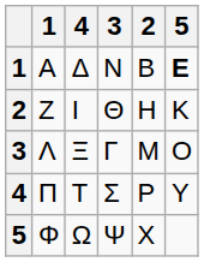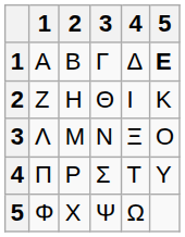 <table class="wikitable">
 <tr>
 <th></th>
 <th>1</th>
+<th>2</th>
+<th>3</th>
 <th>4</th>
-<th>3</th>
-<th>2</th>
 <th>5</th>
 </tr>
 <tr>
 <th>1</th>
 <td>A</td>
+<td>B</td>
+<td>Γ</td>
 <td>Δ</td>
-<td>N</td>
-<td>B</td>
 <td><strong>E</strong></td>
 </tr>
 <tr>
 <th>2</th>
 <td>Z</td>
+<td>H</td>
+<td>Θ</td>
 <td>I</td>
-<td>Θ</td>
-<td>H</td>
 <td>K</td>
 </tr>
 <tr>
 <th>3</th>
 <td>Λ</td>
+<td>M</td>
+<td>N</td>
 <td>Ξ</td>
-<td>Γ</td>
-<td>M</td>
 <td>O</td>
 </tr>
 <tr>
 <th>4</th>
 <td>Π</td>
+<td>P</td>
+<td>Σ</td>
 <td>T</td>
-<td>Σ</td>
-<td>P</td>
 <td>Y</td>
 </tr>
 <tr>
 <th>5</th>
 <td>Φ</td>
+<td>X</td>
+<td>Ψ</td>
 <td>Ω</td>
-<td>Ψ</td>
-<td>X</td>
 <td></td>
 </tr>
 </table>
